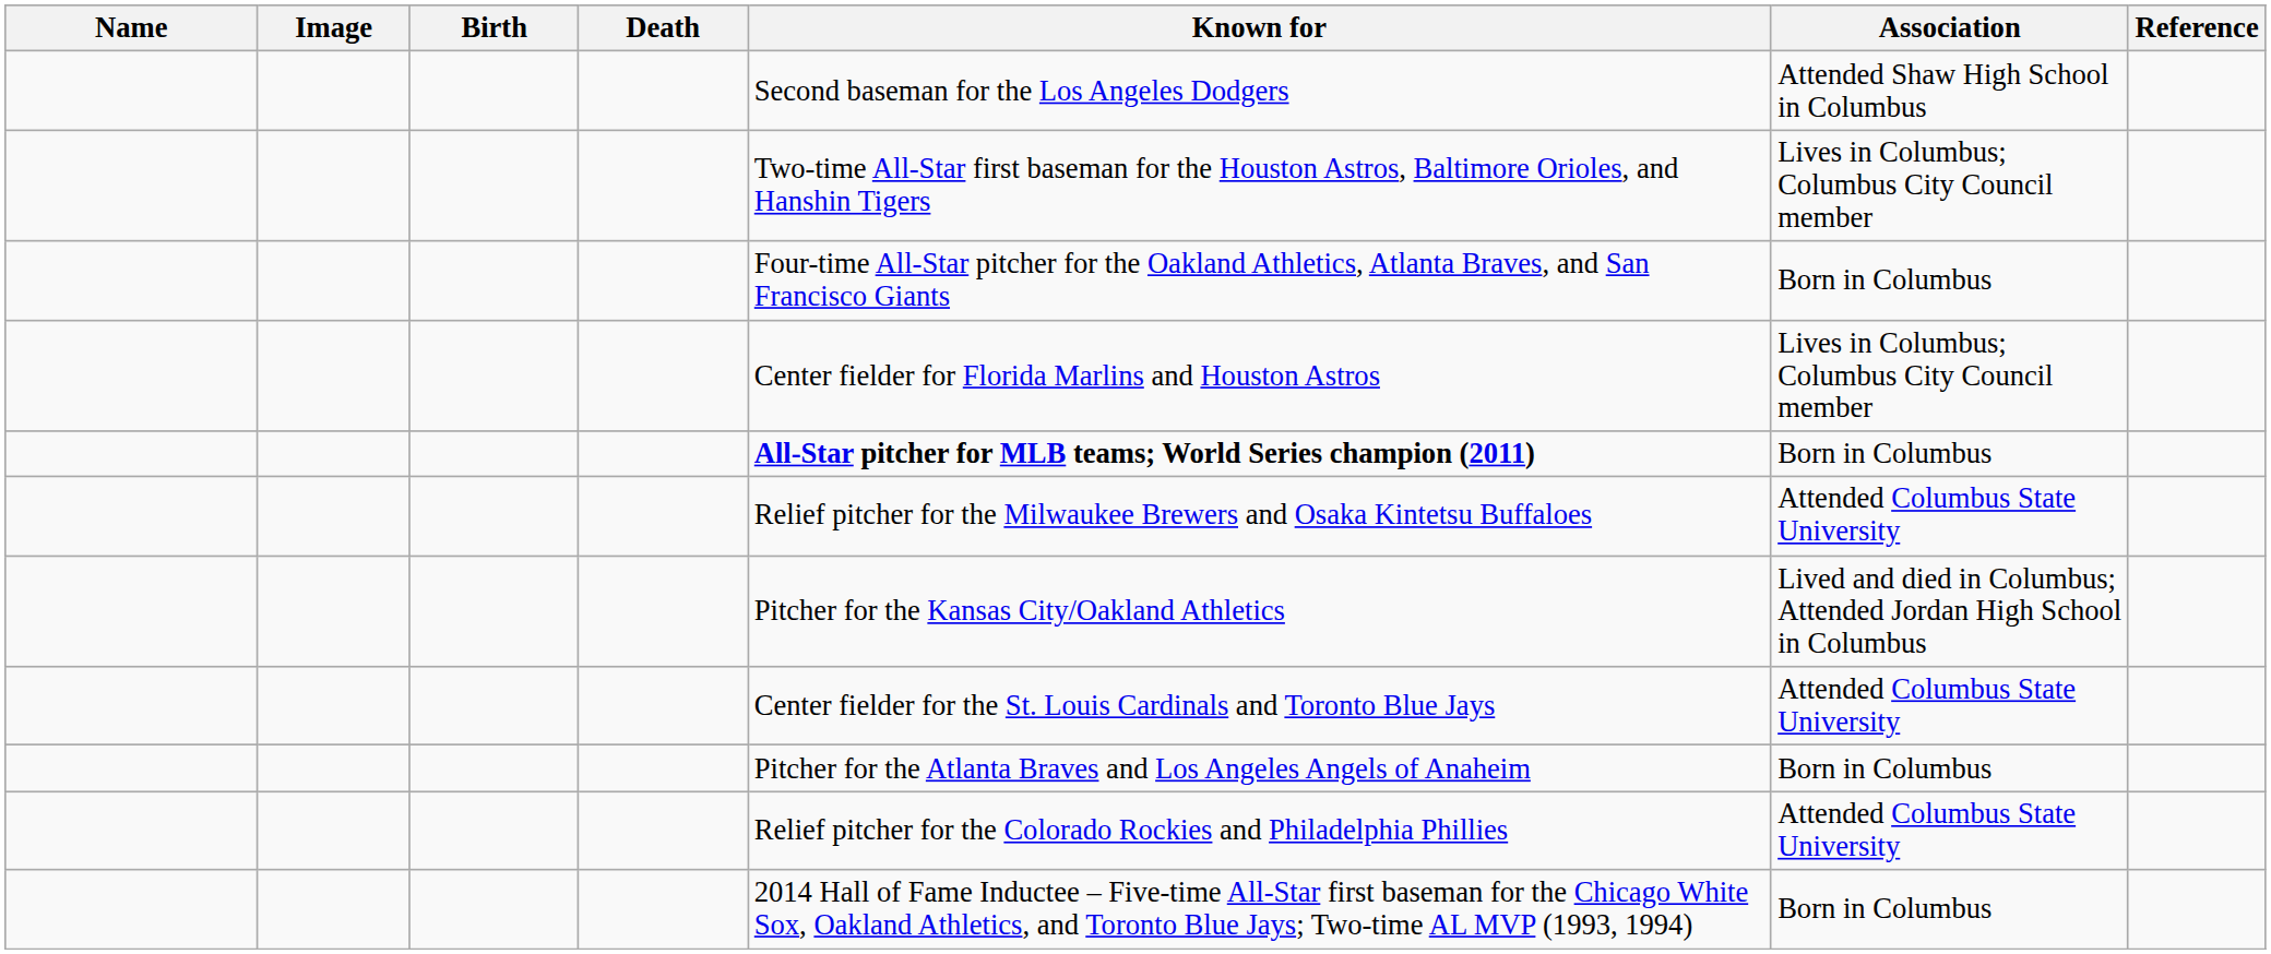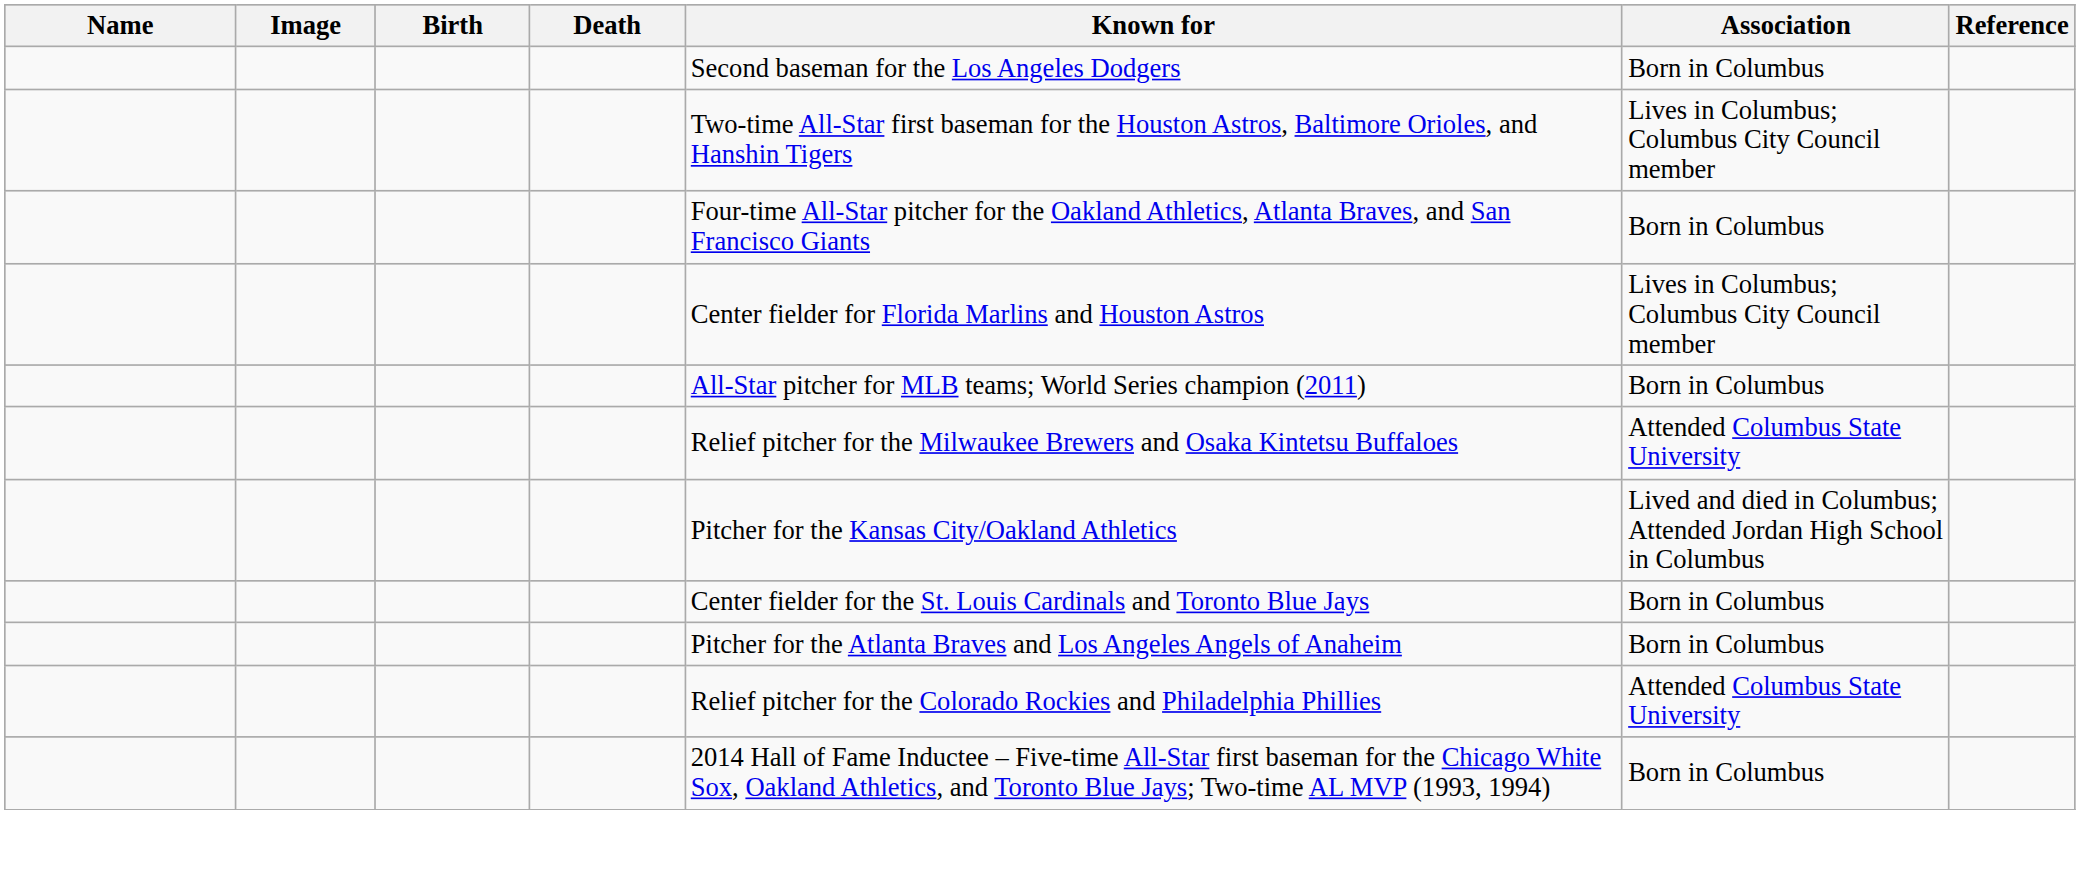 <table class="wikitable sortable">
 <tr>
 <th scope="col" width="140">Name</th>
 <th scope="col" width="80" class="unsortable">Image</th>
 <th scope="col" width="90">Birth</th>
 <th scope="col" width="90">Death</th>
 <th scope="col" width="600" class="unsortable">Known for</th>
 <th scope="col" width="200" class="unsortable">Association</th>
 <th scope="col" width="30" class="unsortable">Reference</th>
 </tr>
 <tr>
 <td></td>
 <td></td>
 <td align=right></td>
 <td align=right></td>
 <td>Second baseman for the <a href='#'>Los Angeles Dodgers</a></td>
-<td>Attended Shaw High School in Columbus</td>
+<td>Born in Columbus</td>
 <td align="center"></td>
 </tr>
 <tr>
 <td></td>
 <td></td>
 <td align=right></td>
 <td align=right></td>
 <td>Two-time <a href='#'>All-Star</a> first baseman for the <a href='#'>Houston Astros</a>, <a href='#'>Baltimore Orioles</a>, and <a href='#'>Hanshin Tigers</a></td>
 <td>Lives in Columbus; Columbus City Council member</td>
 <td align="center"></td>
 </tr>
 <tr>
 <td></td>
 <td></td>
 <td align=right></td>
 <td align=right></td>
 <td>Four-time <a href='#'>All-Star</a> pitcher for the <a href='#'>Oakland Athletics</a>, <a href='#'>Atlanta Braves</a>, and <a href='#'>San Francisco Giants</a></td>
 <td>Born in Columbus</td>
 <td align="center"></td>
 </tr>
 <tr>
 <td></td>
 <td></td>
 <td align=right></td>
 <td align=right></td>
 <td>Center fielder for <a href='#'>Florida Marlins</a> and <a href='#'>Houston Astros</a></td>
 <td>Lives in Columbus; Columbus City Council member</td>
 <td align="center"></td>
 </tr>
 <tr>
 <td></td>
 <td></td>
 <td align=right></td>
 <td align=right></td>
-<td><strong><a href='#'>All-Star</a> pitcher for <a href='#'>MLB</a> teams; World Series champion (<a href='#'>2011</a>)</strong></td>
+<td><a href='#'>All-Star</a> pitcher for <a href='#'>MLB</a> teams; World Series champion (<a href='#'>2011</a>)</td>
 <td>Born in Columbus</td>
 <td align="center"></td>
 </tr>
 <tr>
 <td></td>
 <td></td>
 <td align=right></td>
 <td align=right></td>
 <td>Relief pitcher for the <a href='#'>Milwaukee Brewers</a> and <a href='#'>Osaka Kintetsu Buffaloes</a></td>
 <td>Attended <a href='#'>Columbus State University</a></td>
 <td align="center"></td>
 </tr>
 <tr>
 <td></td>
 <td></td>
 <td align=right></td>
 <td align=right></td>
 <td>Pitcher for the <a href='#'>Kansas City/Oakland Athletics</a></td>
 <td>Lived and died in Columbus; Attended Jordan High School in Columbus</td>
 <td align="center"></td>
 </tr>
 <tr>
 <td></td>
 <td></td>
 <td align=right></td>
 <td align=right></td>
 <td>Center fielder for the <a href='#'>St. Louis Cardinals</a> and <a href='#'>Toronto Blue Jays</a></td>
-<td>Attended <a href='#'>Columbus State University</a></td>
+<td>Born in Columbus</td>
 <td align="center"></td>
 </tr>
 <tr>
 <td></td>
 <td></td>
 <td align=right></td>
 <td align=right></td>
 <td>Pitcher for the <a href='#'>Atlanta Braves</a> and <a href='#'>Los Angeles Angels of Anaheim</a></td>
 <td>Born in Columbus</td>
 <td align="center"></td>
 </tr>
 <tr>
 <td></td>
 <td></td>
 <td align=right></td>
 <td align=right></td>
 <td>Relief pitcher for the <a href='#'>Colorado Rockies</a> and <a href='#'>Philadelphia Phillies</a></td>
 <td>Attended <a href='#'>Columbus State University</a></td>
 <td align="center"></td>
 </tr>
 <tr>
 <td></td>
 <td></td>
 <td align=right></td>
 <td align=right></td>
 <td>2014 Hall of Fame Inductee – Five-time <a href='#'>All-Star</a> first baseman for the <a href='#'>Chicago White Sox</a>, <a href='#'>Oakland Athletics</a>, and <a href='#'>Toronto Blue Jays</a>; Two-time <a href='#'>AL MVP</a> (1993, 1994)</td>
 <td>Born in Columbus</td>
 <td align="center"></td>
 </tr>
 <tr>
 </tr>
 </table>
